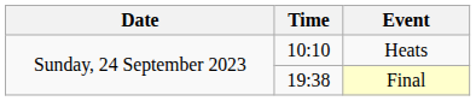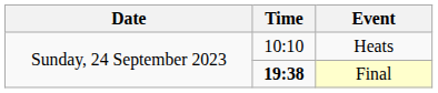 <table class = "wikitable" style="text-align:center;">
 <tr>
 <th width=220>Date</th>
 <th width=50>Time</th>
 <th width=100>Event</th>
 </tr>
 <tr>
 <td rowspan=2>Sunday, 24 September 2023</td>
 <td>10:10</td>
 <td>Heats</td>
 </tr>
 <tr>
-<td>19:38</td>
+<td><strong>19:38</strong></td>
 <td bgcolor=ffffcc>Final</td>
 </tr>
 </table>
